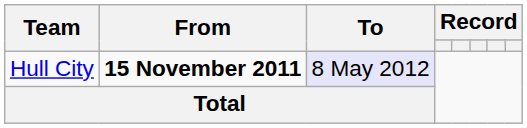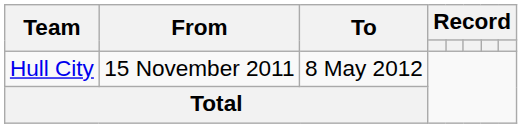 <table class=wikitable style="text-align: center">
 <tr>
 <th rowspan=2>Team</th>
 <th rowspan=2>From</th>
 <th rowspan=2>To</th>
 <th colspan=5>Record</th>
 </tr>
 <tr>
 <th></th>
 <th></th>
 <th></th>
 <th></th>
 <th></th>
 </tr>
 <tr>
 <td align=left><a href='#'>Hull City</a></td>
-<td align=left><strong>15 November 2011</strong></td>
-<td align=left style="background: lavender;">8 May 2012<br></td>
+<td align=left>15 November 2011</td>
+<td align=left>8 May 2012<br></td>
 </tr>
 <tr>
 <th colspan=3>Total<br></th>
 </tr>
 </table>
